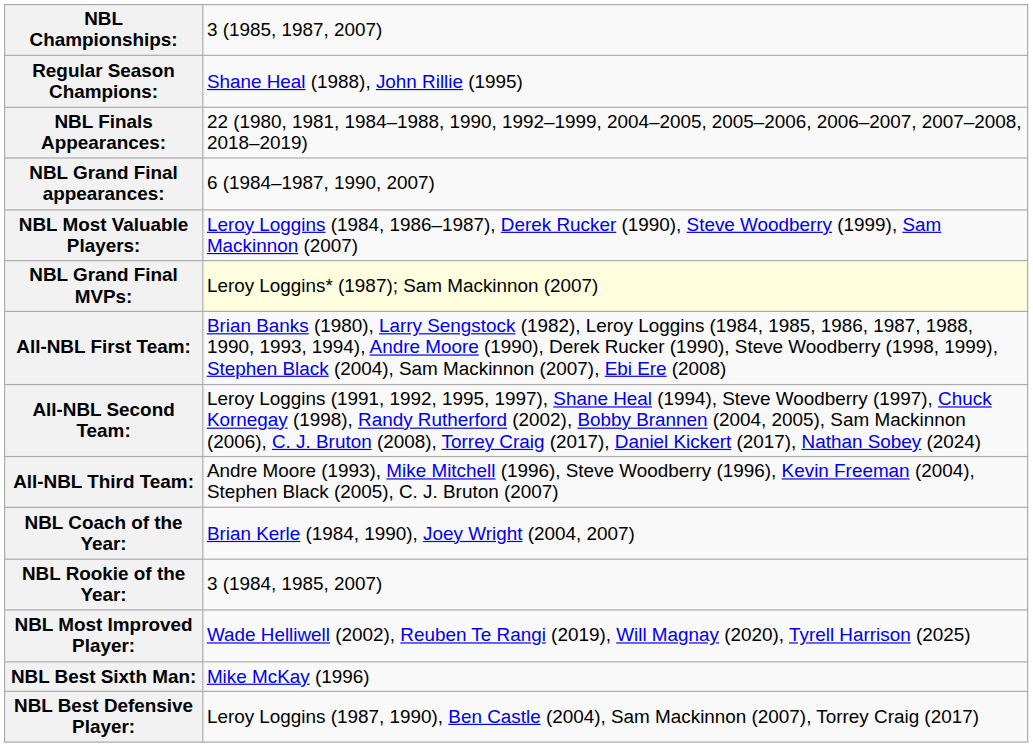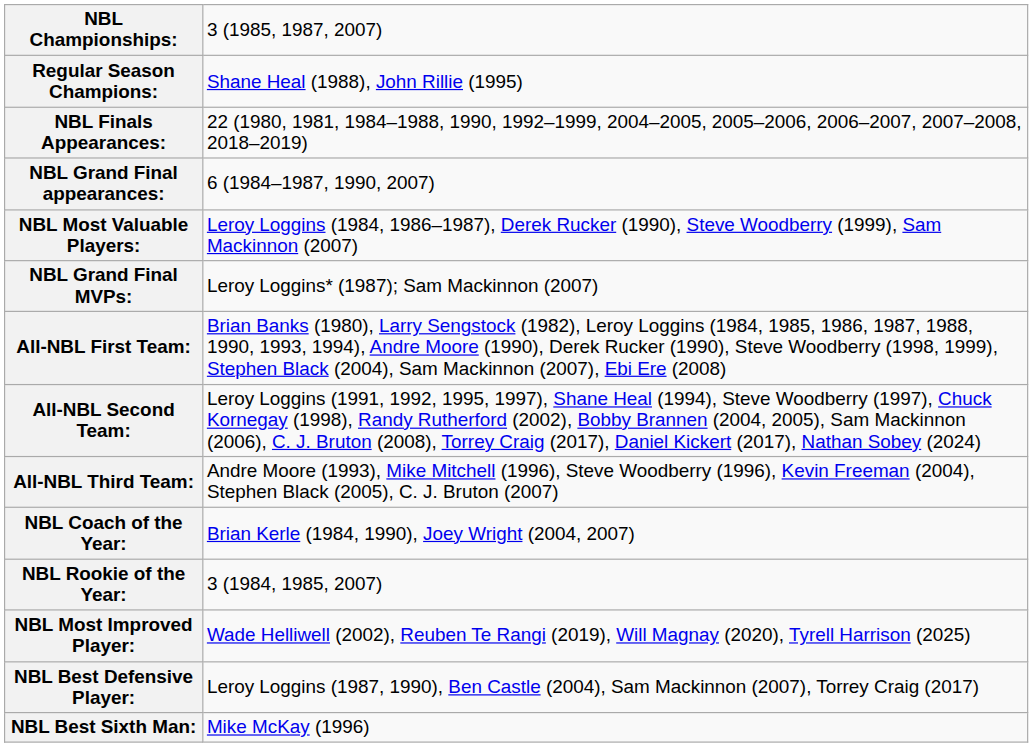 <table class="wikitable">
 <tr align=left>
 <th>NBL Championships:</th>
 <td>3 (1985, 1987, 2007)</td>
 </tr>
 <tr>
 <th>Regular Season Champions:</th>
 <td><a href='#'>Shane Heal</a> (1988), <a href='#'>John Rillie</a> (1995)</td>
 </tr>
 <tr>
 <th>NBL Finals Appearances:</th>
 <td>22 (1980, 1981, 1984–1988, 1990, 1992–1999, 2004–2005, 2005–2006, 2006–2007, 2007–2008, 2018–2019)</td>
 </tr>
 <tr>
 <th>NBL Grand Final appearances:</th>
 <td>6 (1984–1987, 1990, 2007)</td>
 </tr>
 <tr>
 <th>NBL Most Valuable Players:</th>
 <td><a href='#'>Leroy Loggins</a> (1984, 1986–1987), <a href='#'>Derek Rucker</a> (1990), <a href='#'>Steve Woodberry</a> (1999), <a href='#'>Sam Mackinnon</a> (2007)</td>
 </tr>
 <tr>
 <th>NBL Grand Final MVPs:</th>
-<td style="background: lightyellow;">Leroy Loggins* (1987); Sam Mackinnon (2007)</td>
+<td>Leroy Loggins* (1987); Sam Mackinnon (2007)</td>
 </tr>
 <tr>
 <th>All-NBL First Team:</th>
 <td><a href='#'>Brian Banks</a> (1980), <a href='#'>Larry Sengstock</a> (1982), Leroy Loggins (1984, 1985, 1986, 1987, 1988, 1990, 1993, 1994), <a href='#'>Andre Moore</a> (1990), Derek Rucker (1990), Steve Woodberry (1998, 1999), <a href='#'>Stephen Black</a> (2004), Sam Mackinnon (2007), <a href='#'>Ebi Ere</a> (2008)</td>
 </tr>
 <tr>
 <th>All-NBL Second Team:</th>
 <td>Leroy Loggins (1991, 1992, 1995, 1997), <a href='#'>Shane Heal</a> (1994), Steve Woodberry (1997), <a href='#'>Chuck Kornegay</a> (1998), <a href='#'>Randy Rutherford</a> (2002), <a href='#'>Bobby Brannen</a> (2004, 2005), Sam Mackinnon (2006), <a href='#'>C. J. Bruton</a> (2008), <a href='#'>Torrey Craig</a> (2017), <a href='#'>Daniel Kickert</a> (2017), <a href='#'>Nathan Sobey</a> (2024)</td>
 </tr>
 <tr>
 <th>All-NBL Third Team:</th>
 <td>Andre Moore (1993),  <a href='#'>Mike Mitchell</a> (1996), Steve Woodberry (1996), <a href='#'>Kevin Freeman</a> (2004), Stephen Black (2005), C. J. Bruton (2007)</td>
 </tr>
 <tr>
 <th>NBL Coach of the Year:</th>
 <td><a href='#'>Brian Kerle</a> (1984, 1990), <a href='#'>Joey Wright</a> (2004, 2007)</td>
 </tr>
 <tr>
 <th>NBL Rookie of the Year:</th>
 <td>3 (1984, 1985, 2007)</td>
 </tr>
 <tr>
 <th>NBL Most Improved Player:</th>
 <td><a href='#'>Wade Helliwell</a> (2002), <a href='#'>Reuben Te Rangi</a> (2019), <a href='#'>Will Magnay</a> (2020), <a href='#'>Tyrell Harrison</a> (2025)</td>
 </tr>
 <tr>
+<th>NBL Best Defensive Player:</th>
+<td>Leroy Loggins (1987, 1990), <a href='#'>Ben Castle</a> (2004), Sam Mackinnon (2007), Torrey Craig (2017)</td>
+</tr>
+<tr>
 <th>NBL Best Sixth Man:</th>
 <td><a href='#'>Mike McKay</a> (1996)</td>
 </tr>
-<tr>
-<th>NBL Best Defensive Player:</th>
-<td>Leroy Loggins (1987, 1990), <a href='#'>Ben Castle</a> (2004), Sam Mackinnon (2007), Torrey Craig (2017)</td>
-</tr>
 </table>
